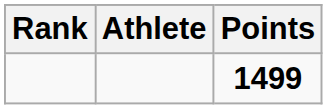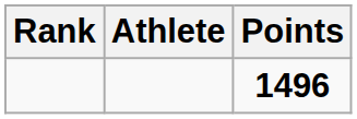 <table class=wikitable style="text-align:center;">
 <tr>
 <th>Rank</th>
 <th>Athlete</th>
 <th>Points</th>
 </tr>
 <tr>
 <td></td>
 <td align=left></td>
-<td><strong>1499</strong></td>
+<td><strong>1496</strong></td>
 </tr>
 </table>
